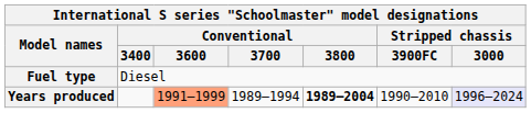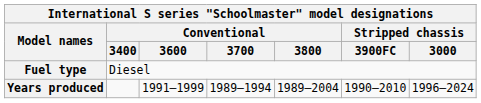 <table class="wikitable">
 <tr>
 <th colspan=7>International S series "Schoolmaster" model designations</th>
 </tr>
 <tr>
 <th rowspan=2>Model names</th>
 <th colspan=4>Conventional</th>
 <th colspan=2>Stripped chassis</th>
 </tr>
 <tr>
 <th>3400</th>
 <th>3600</th>
 <th>3700</th>
 <th>3800</th>
 <th>3900FC</th>
 <th>3000</th>
 </tr>
 <tr>
 <th>Fuel type</th>
 <td colspan=6 style= textalign:"center">Diesel</td>
 </tr>
 <tr>
 <th>Years produced</th>
 <td></td>
-<td style="background: lightsalmon;">1991–1999</td>
+<td>1991–1999</td>
 <td>1989–1994</td>
-<td><strong>1989–2004</strong></td>
+<td>1989–2004</td>
 <td>1990–2010</td>
-<td style="background: lavender;">1996–2024</td>
+<td>1996–2024</td>
 </tr>
 </table>
